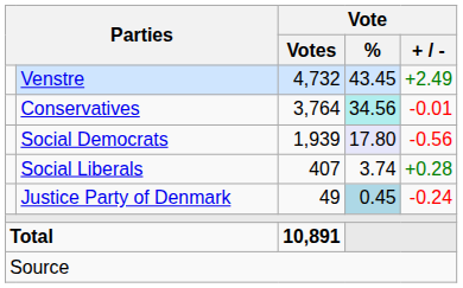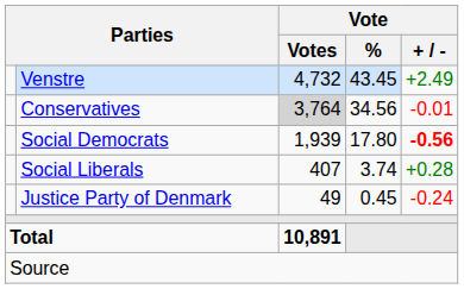 <table class="wikitable" style="text-align:right;">
 <tr>
 <th style="text-align:centre;" rowspan="2" colspan="2" width="225">Parties</th>
 <th colspan="3">Vote</th>
 </tr>
 <tr>
 <th width="15">Votes</th>
 <th width="15">%</th>
 <th width="15">+ / -</th>
 </tr>
 <tr>
 <td width="2" style="color:inherit;background:"></td>
 <td bgcolor=#cfe5fe  align="left"><a href='#'>Venstre</a></td>
 <td bgcolor=#cfe5fe>4,732</td>
 <td bgcolor=#cfe5fe>43.45</td>
 <td style=color:green;>+2.49</td>
 </tr>
 <tr>
 <td width="2" style="color:inherit;background:"></td>
 <td align="left"><a href='#'>Conservatives</a></td>
-<td>3,764</td>
-<td style="background: paleturquoise;">34.56</td>
+<td style="background: lightgrey;">3,764</td>
+<td>34.56</td>
 <td style=color:red;>-0.01</td>
 </tr>
 <tr>
 <td width="2" style="color:inherit;background:"></td>
 <td align="left"><a href='#'>Social Democrats</a></td>
 <td>1,939</td>
-<td style="background: lavender;">17.80</td>
-<td style=color:red;>-0.56</td>
+<td>17.80</td>
+<td style=color:red;><strong>-0.56</strong></td>
 </tr>
 <tr>
 <td width="2" style="color:inherit;background:"></td>
 <td align="left"><a href='#'>Social Liberals</a></td>
 <td>407</td>
 <td>3.74</td>
 <td style=color:green;>+0.28</td>
 </tr>
 <tr>
 <td width="2" style="color:inherit;background:"></td>
 <td align="left"><a href='#'>Justice Party of Denmark</a></td>
 <td>49</td>
-<td style="background: lightblue;">0.45</td>
+<td>0.45</td>
 <td style=color:red;>-0.24</td>
 </tr>
 <tr>
 <td colspan="7" bgcolor="#E9E9E9"></td>
 </tr>
 <tr>
 <td align="left" colspan="2"><strong>Total</strong></td>
 <td><strong>10,891</strong></td>
 <td bgcolor="#E9E9E9" colspan="2"></td>
 </tr>
 <tr>
 <td align="left" colspan="6">Source</td>
 </tr>
 </table>
